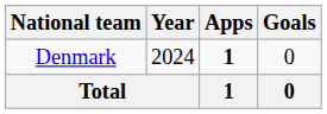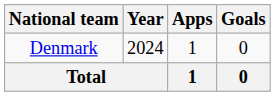 <table class="wikitable" style="text-align:center">
 <tr>
 <th>National team</th>
 <th>Year</th>
 <th>Apps</th>
 <th>Goals</th>
 </tr>
 <tr>
 <td><a href='#'>Denmark</a></td>
 <td>2024</td>
-<td><strong>1</strong></td>
+<td>1</td>
 <td>0</td>
 </tr>
 <tr>
 <th colspan="2">Total</th>
 <th>1</th>
 <th>0</th>
 </tr>
 </table>
